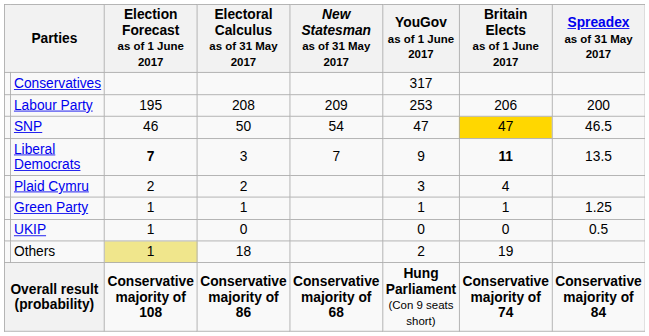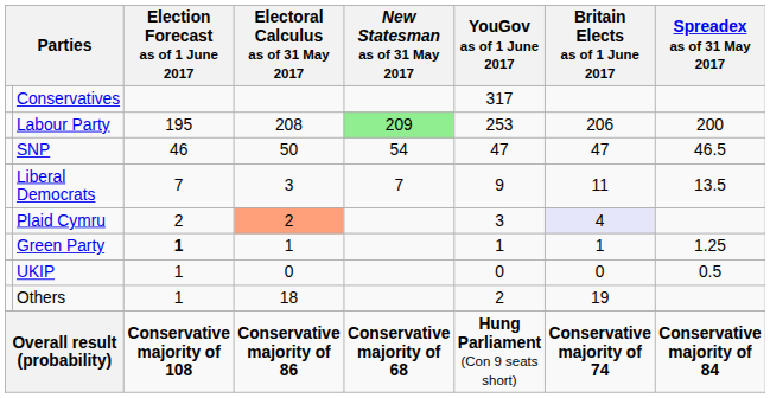 <table class="wikitable">
 <tr>
 <th colspan="2">Parties</th>
 <th style="vertical-align:top;">Election<br>Forecast<br><small>as of 1 June 2017</small></th>
 <th style="vertical-align:top;">Electoral <br> Calculus<br><small>as of 31 May 2017</small></th>
 <th style="vertical-align:top;"><em>New<br>Statesman</em><br><small>as of 31 May 2017</small></th>
 <th>YouGov<br><small>as of 1 June 2017</small></th>
 <th>Britain Elects<br><small>as of 1 June 2017</small></th>
 <th><a href='#'>Spreadex</a><br><small>as of 31 May 2017</small></th>
 </tr>
 <tr>
 <td></td>
 <td><a href='#'>Conservatives</a></td>
 <td></td>
 <td></td>
 <td></td>
 <td style="text-align:center;">317</td>
 <td></td>
 <td></td>
 </tr>
 <tr>
 <td></td>
 <td><a href='#'>Labour Party</a></td>
 <td style="text-align:center;">195</td>
 <td style="text-align:center;">208</td>
-<td style="text-align:center;">209</td>
+<td style="background: lightgreen; text-align:center;">209</td>
 <td style="text-align:center;">253</td>
 <td style="text-align:center;">206</td>
 <td style="text-align:center;">200</td>
 </tr>
 <tr>
 <td></td>
 <td><a href='#'>SNP</a></td>
 <td style="text-align:center;">46</td>
 <td style="text-align:center;">50</td>
 <td style="text-align:center;">54</td>
 <td style="text-align:center;">47</td>
-<td style="background: gold; text-align:center;">47</td>
+<td style="text-align:center;">47</td>
 <td style="text-align:center;">46.5</td>
 </tr>
 <tr>
 <td></td>
 <td><a href='#'>Liberal Democrats</a></td>
-<td style="text-align:center;"><strong>7</strong></td>
+<td style="text-align:center;">7</td>
 <td style="text-align:center;">3</td>
 <td style="text-align:center;">7</td>
 <td style="text-align:center;">9</td>
-<td style="text-align:center;"><strong>11</strong></td>
+<td style="text-align:center;">11</td>
 <td style="text-align:center;">13.5</td>
 </tr>
 <tr>
 <td></td>
 <td><a href='#'>Plaid Cymru</a></td>
 <td style="text-align:center;">2</td>
-<td style="text-align:center;">2</td>
+<td style="background: lightsalmon; text-align:center;">2</td>
 <td></td>
 <td style="text-align:center;">3</td>
-<td style="text-align:center;">4</td>
+<td style="background: lavender; text-align:center;">4</td>
 <td></td>
 </tr>
 <tr>
 <td></td>
 <td><a href='#'>Green Party</a></td>
-<td style="text-align:center;">1</td>
+<td style="text-align:center;"><strong>1</strong></td>
 <td style="text-align:center;">1</td>
 <td></td>
 <td style="text-align:center;">1</td>
 <td style="text-align:center;">1</td>
 <td style="text-align:center;">1.25</td>
 </tr>
 <tr>
 <td></td>
 <td><a href='#'>UKIP</a></td>
 <td style="text-align:center;">1</td>
 <td style="text-align:center;">0</td>
 <td></td>
 <td style="text-align:center;">0</td>
 <td style="text-align:center;">0</td>
 <td style="text-align:center;">0.5</td>
 </tr>
 <tr>
 <td></td>
 <td>Others</td>
-<td style="background: khaki; text-align:center;">1</td>
+<td style="text-align:center;">1</td>
 <td style="text-align:center;">18</td>
 <td></td>
 <td style="text-align:center;">2</td>
 <td style="text-align:center;">19</td>
 <td></td>
 </tr>
 <tr>
 <th colspan="2">Overall result (probability)</th>
 <td style="text-align:center; background:"><strong>Conservative <br> majority of 108</strong></td>
 <td style="text-align:center; background:"><strong>Conservative <br> majority of 86</strong></td>
 <td style="text-align:center; background:"><strong>Conservative <br> majority of 68</strong></td>
 <td style="text-align:center; color:"><strong>Hung <br> Parliament</strong> <br> <small>(Con 9 seats short)</small></td>
 <td style="text-align:center; background:"><strong>Conservative <br> majority of 74</strong></td>
 <td style="text-align:center; background:"><strong>Conservative <br> majority of 84</strong></td>
 </tr>
 </table>
